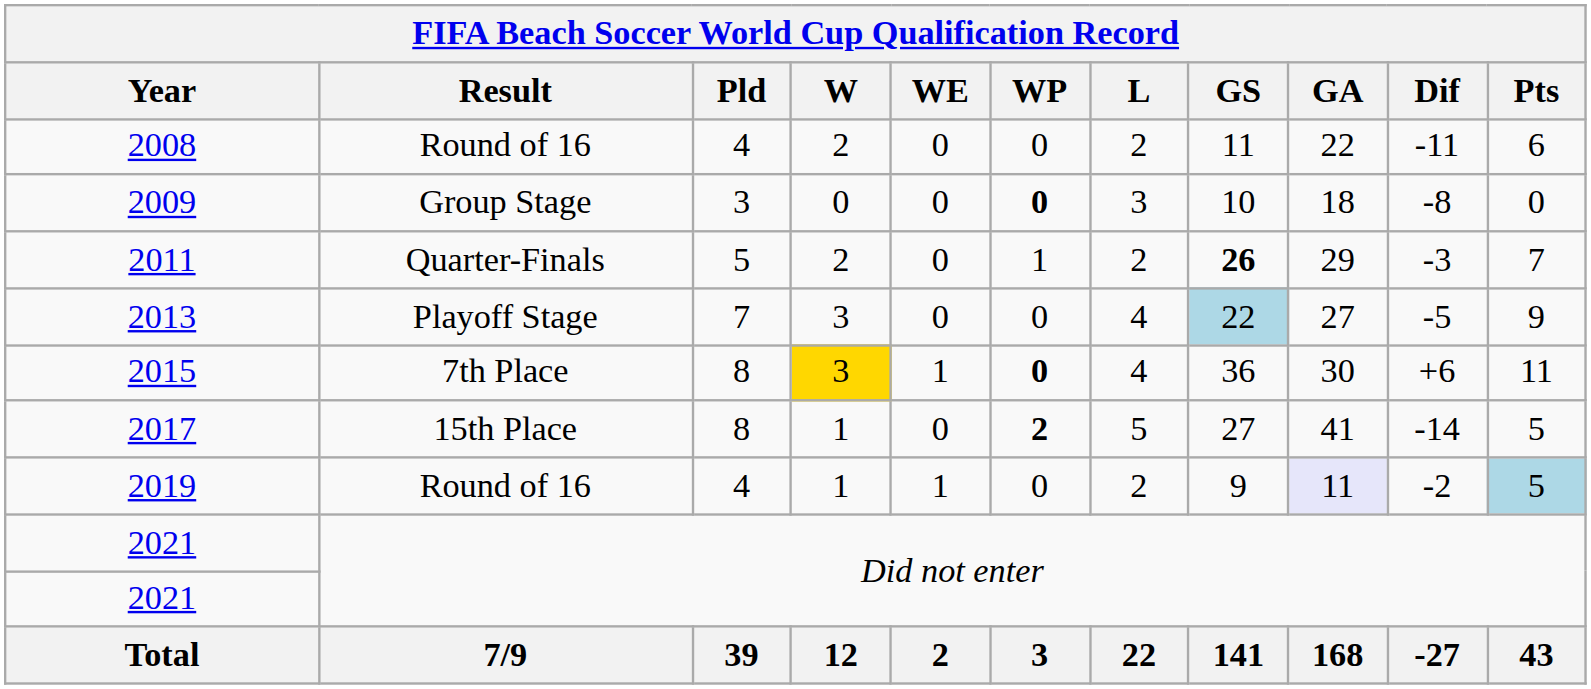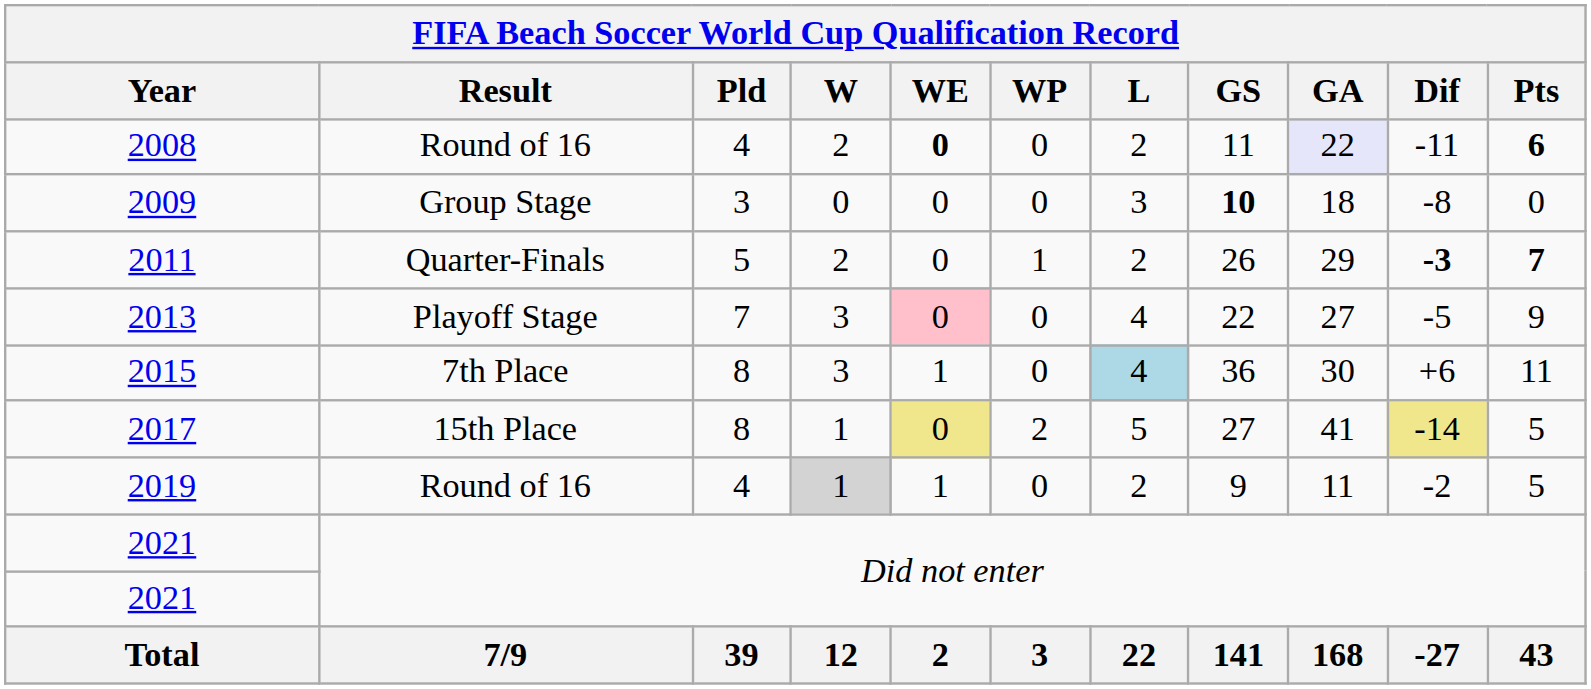 <table class="wikitable" style="text-align: center;font-size:90%;">
 <tr>
 <th colspan=11><a href='#'>FIFA Beach Soccer World Cup Qualification Record</a></th>
 </tr>
 <tr>
 <th width=125>Year</th>
 <th width=150>Result</th>
 <th width=35>Pld</th>
 <th width=35>W</th>
 <th width=35>WE</th>
 <th width=35>WP</th>
 <th width=35>L</th>
 <th width=35>GS</th>
 <th width=35>GA</th>
 <th width=35>Dif</th>
 <th width=35>Pts</th>
 </tr>
 <tr>
 <td> <a href='#'>2008</a></td>
 <td>Round of 16</td>
 <td>4</td>
 <td>2</td>
-<td>0</td>
+<td><strong>0</strong></td>
 <td>0</td>
 <td>2</td>
 <td>11</td>
-<td>22</td>
+<td style="background: lavender;">22</td>
 <td>-11</td>
-<td>6</td>
+<td><strong>6</strong></td>
 </tr>
 <tr>
 <td> <a href='#'>2009</a></td>
 <td>Group Stage</td>
 <td>3</td>
 <td>0</td>
 <td>0</td>
-<td><strong>0</strong></td>
+<td>0</td>
 <td>3</td>
-<td>10</td>
+<td><strong>10</strong></td>
 <td>18</td>
 <td>-8</td>
 <td>0</td>
 </tr>
 <tr>
 <td> <a href='#'>2011</a></td>
 <td>Quarter-Finals</td>
 <td>5</td>
 <td>2</td>
 <td>0</td>
 <td>1</td>
 <td>2</td>
-<td><strong>26</strong></td>
+<td>26</td>
 <td>29</td>
-<td>-3</td>
-<td>7</td>
+<td><strong>-3</strong></td>
+<td><strong>7</strong></td>
 </tr>
 <tr>
 <td> <a href='#'>2013</a></td>
 <td>Playoff Stage</td>
 <td>7</td>
 <td>3</td>
-<td>0</td>
+<td style="background: pink;">0</td>
 <td>0</td>
 <td>4</td>
-<td style="background: lightblue;">22</td>
+<td>22</td>
 <td>27</td>
 <td>-5</td>
 <td>9</td>
 </tr>
 <tr>
 <td> <a href='#'>2015</a></td>
 <td>7th Place</td>
 <td>8</td>
-<td style="background: gold;">3</td>
+<td>3</td>
 <td>1</td>
-<td><strong>0</strong></td>
-<td>4</td>
+<td>0</td>
+<td style="background: lightblue;">4</td>
 <td>36</td>
 <td>30</td>
 <td>+6</td>
 <td>11</td>
 </tr>
 <tr>
 <td> <a href='#'>2017</a></td>
 <td>15th Place</td>
 <td>8</td>
 <td>1</td>
-<td>0</td>
-<td><strong>2</strong></td>
+<td style="background: khaki;">0</td>
+<td>2</td>
 <td>5</td>
 <td>27</td>
 <td>41</td>
-<td>-14</td>
+<td style="background: khaki;">-14</td>
 <td>5</td>
 </tr>
 <tr>
 <td> <a href='#'>2019</a></td>
 <td>Round of 16</td>
 <td>4</td>
-<td>1</td>
+<td style="background: lightgrey;">1</td>
 <td>1</td>
 <td>0</td>
 <td>2</td>
 <td>9</td>
-<td style="background: lavender;">11</td>
+<td>11</td>
 <td>-2</td>
-<td style="background: lightblue;">5</td>
+<td>5</td>
 </tr>
 <tr>
 <td> <a href='#'>2021</a></td>
 <td colspan=10 rowspan=2><em>Did not enter</em></td>
 </tr>
 <tr>
 <td> <a href='#'>2021</a></td>
 </tr>
 <tr>
 <th><strong>Total</strong></th>
 <th>7/9</th>
 <th>39</th>
 <th>12</th>
 <th>2</th>
 <th>3</th>
 <th>22</th>
 <th>141</th>
 <th>168</th>
 <th>-27</th>
 <th>43</th>
 </tr>
 </table>
